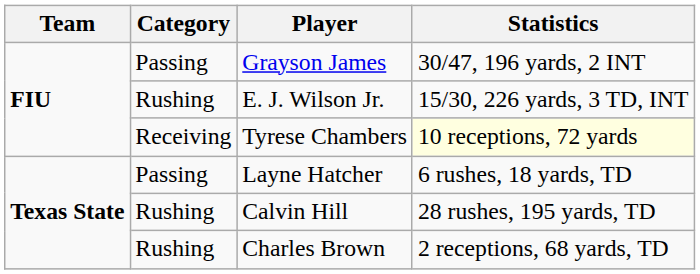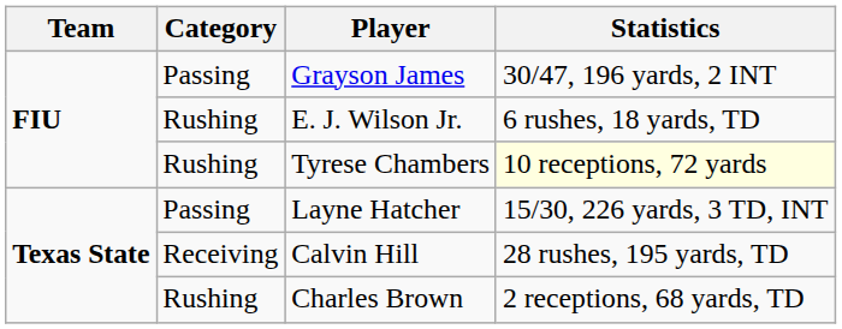 <table class="wikitable" style="float: left;">
 <tr>
 <th>Team</th>
 <th>Category</th>
 <th>Player</th>
 <th>Statistics</th>
 </tr>
 <tr>
 <td rowspan=3><strong>FIU</strong></td>
 <td>Passing</td>
 <td><a href='#'>Grayson James</a></td>
 <td>30/47, 196 yards, 2 INT</td>
 </tr>
 <tr>
 <td>Rushing</td>
 <td>E. J. Wilson Jr.</td>
-<td>15/30, 226 yards, 3 TD, INT</td>
+<td>6 rushes, 18 yards, TD</td>
 </tr>
 <tr>
-<td>Receiving</td>
+<td>Rushing</td>
 <td>Tyrese Chambers</td>
 <td style="background: lightyellow;">10 receptions, 72 yards</td>
 </tr>
 <tr>
 <td rowspan=3><strong>Texas State</strong></td>
 <td>Passing</td>
 <td>Layne Hatcher</td>
-<td>6 rushes, 18 yards, TD</td>
+<td>15/30, 226 yards, 3 TD, INT</td>
 </tr>
 <tr>
-<td>Rushing</td>
+<td>Receiving</td>
 <td>Calvin Hill</td>
 <td>28 rushes, 195 yards, TD</td>
 </tr>
 <tr>
 <td>Rushing</td>
 <td>Charles Brown</td>
 <td>2 receptions, 68 yards, TD</td>
 </tr>
 </table>
